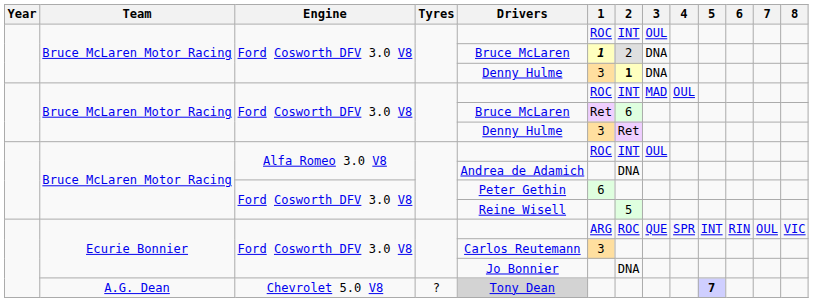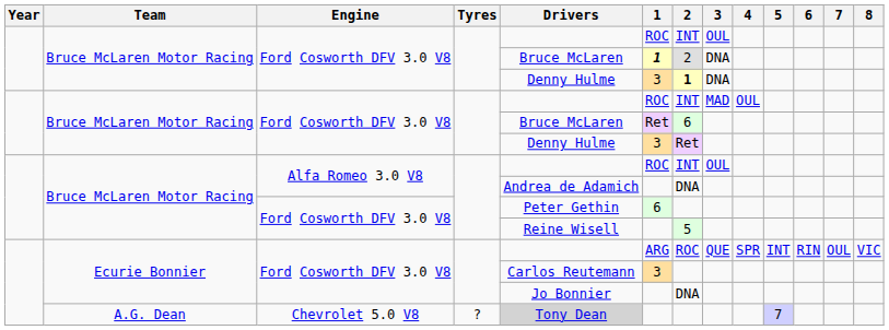 <table class="wikitable" style="text-align:center; font-size:95%">
 <tr>
 <th>Year</th>
 <th>Team</th>
 <th>Engine</th>
 <th>Tyres</th>
 <th>Drivers</th>
 <th>1</th>
 <th>2</th>
 <th>3</th>
 <th>4</th>
 <th>5</th>
 <th>6</th>
 <th>7</th>
 <th>8</th>
 </tr>
 <tr>
 <td rowspan="3"></td>
 <td rowspan="3"><a href='#'>Bruce McLaren Motor Racing</a></td>
 <td rowspan="3"><a href='#'>Ford</a> <a href='#'>Cosworth DFV</a> 3.0 <a href='#'>V8</a></td>
 <td rowspan="3"></td>
 <td></td>
 <td><a href='#'>ROC</a></td>
 <td><a href='#'>INT</a></td>
 <td><a href='#'>OUL</a></td>
 <td></td>
 <td></td>
 <td></td>
 <td></td>
 <td></td>
 </tr>
 <tr>
 <td><a href='#'>Bruce McLaren</a></td>
 <td style="background:#ffffbf;"><strong><em>1</em></strong></td>
 <td style="background:#dfdfdf;">2</td>
 <td>DNA</td>
 <td></td>
 <td></td>
 <td></td>
 <td></td>
 <td></td>
 </tr>
 <tr>
 <td><a href='#'>Denny Hulme</a></td>
 <td style="background:#ffdf9f;">3</td>
 <td style="background:#ffffbf;"><strong>1</strong></td>
 <td>DNA</td>
 <td></td>
 <td></td>
 <td></td>
 <td></td>
 <td></td>
 </tr>
 <tr>
 <td rowspan="3"></td>
 <td rowspan="3"><a href='#'>Bruce McLaren Motor Racing</a></td>
 <td rowspan="3"><a href='#'>Ford</a> <a href='#'>Cosworth DFV</a> 3.0 <a href='#'>V8</a></td>
 <td rowspan="3"></td>
 <td></td>
 <td><a href='#'>ROC</a></td>
 <td><a href='#'>INT</a></td>
 <td><a href='#'>MAD</a></td>
 <td><a href='#'>OUL</a></td>
 <td></td>
 <td></td>
 <td></td>
 <td></td>
 </tr>
 <tr>
 <td><a href='#'>Bruce McLaren</a></td>
 <td style="background:#efcfff;">Ret</td>
 <td style="background:#dfffdf;">6</td>
 <td></td>
 <td></td>
 <td></td>
 <td></td>
 <td></td>
 <td></td>
 </tr>
 <tr>
 <td><a href='#'>Denny Hulme</a></td>
 <td style="background:#ffdf9f;">3</td>
 <td style="background:#efcfff;">Ret</td>
 <td></td>
 <td></td>
 <td></td>
 <td></td>
 <td></td>
 <td></td>
 </tr>
 <tr>
 <td rowspan="4"></td>
 <td rowspan="4"><a href='#'>Bruce McLaren Motor Racing</a></td>
 <td rowspan="2"><a href='#'>Alfa Romeo</a> 3.0 <a href='#'>V8</a></td>
 <td rowspan="4"></td>
 <td></td>
 <td><a href='#'>ROC</a></td>
 <td><a href='#'>INT</a></td>
 <td><a href='#'>OUL</a></td>
 <td></td>
 <td></td>
 <td></td>
 <td></td>
 <td></td>
 </tr>
 <tr>
 <td><a href='#'>Andrea de Adamich</a></td>
 <td></td>
 <td>DNA</td>
 <td></td>
 <td></td>
 <td></td>
 <td></td>
 <td></td>
 <td></td>
 </tr>
 <tr>
 <td rowspan="2"><a href='#'>Ford</a> <a href='#'>Cosworth DFV</a> 3.0 <a href='#'>V8</a></td>
 <td><a href='#'>Peter Gethin</a></td>
 <td style="background:#dfffdf;">6</td>
 <td></td>
 <td></td>
 <td></td>
 <td></td>
 <td></td>
 <td></td>
 <td></td>
 </tr>
 <tr>
 <td><a href='#'>Reine Wisell</a></td>
 <td></td>
 <td style="background:#dfffdf;">5</td>
 <td></td>
 <td></td>
 <td></td>
 <td></td>
 <td></td>
 <td></td>
 </tr>
 <tr>
 <td rowspan="4"></td>
 <td rowspan="3"><a href='#'>Ecurie Bonnier</a></td>
 <td rowspan="3"><a href='#'>Ford</a> <a href='#'>Cosworth DFV</a> 3.0 <a href='#'>V8</a></td>
 <td rowspan="3"></td>
 <td></td>
 <td><a href='#'>ARG</a></td>
 <td><a href='#'>ROC</a></td>
 <td><a href='#'>QUE</a></td>
 <td><a href='#'>SPR</a></td>
 <td><a href='#'>INT</a></td>
 <td><a href='#'>RIN</a></td>
 <td><a href='#'>OUL</a></td>
 <td><a href='#'>VIC</a></td>
 </tr>
 <tr>
 <td><a href='#'>Carlos Reutemann</a></td>
 <td style="background:#ffdf9f;">3</td>
 <td></td>
 <td></td>
 <td></td>
 <td></td>
 <td></td>
 <td></td>
 <td></td>
 </tr>
 <tr>
 <td><a href='#'>Jo Bonnier</a></td>
 <td></td>
 <td>DNA</td>
 <td></td>
 <td></td>
 <td></td>
 <td></td>
 <td></td>
 <td></td>
 </tr>
 <tr>
 <td><a href='#'>A.G. Dean</a></td>
 <td><a href='#'>Chevrolet</a> 5.0 <a href='#'>V8</a></td>
 <td>?</td>
 <td style="background: lightgrey;"><a href='#'>Tony Dean</a></td>
 <td></td>
 <td></td>
 <td></td>
 <td></td>
-<td style="background:#cfcfff;"><strong>7</strong></td>
+<td style="background:#cfcfff;">7</td>
 <td></td>
 <td></td>
 <td></td>
 </tr>
 </table>
